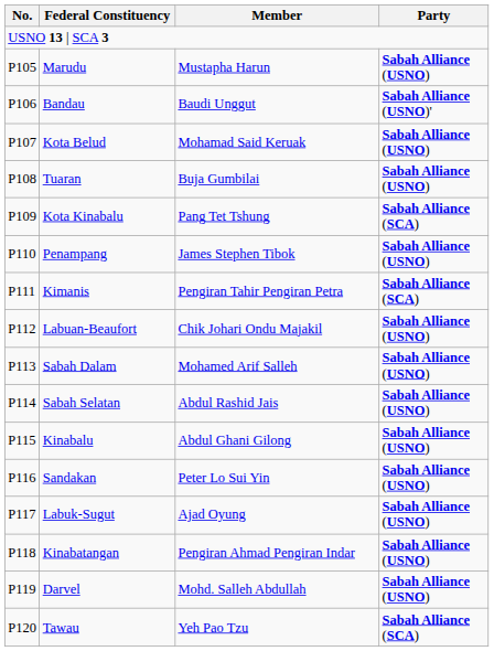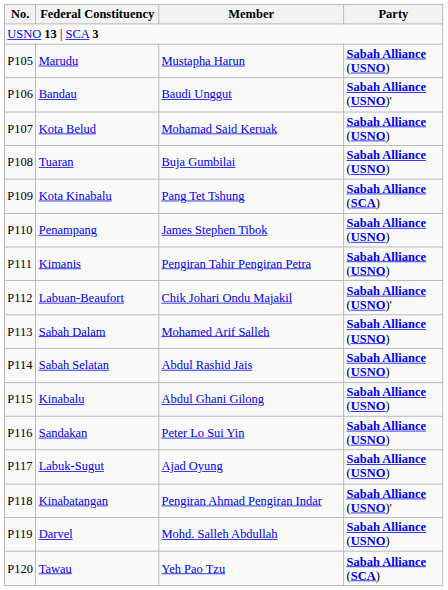 <table class="wikitable sortable">
 <tr>
 <th style="width:30px;">No.</th>
 <th style="width:150px;">Federal Constituency</th>
 <th style="width:230px;">Member</th>
 <th style="width:120px;">Party</th>
 </tr>
 <tr>
 <td colspan="4"><a href='#'>USNO</a> <strong>13</strong> | <a href='#'>SCA</a> <strong>3</strong></td>
 </tr>
 <tr>
 <td>P105</td>
 <td><a href='#'>Marudu</a></td>
 <td><a href='#'>Mustapha Harun</a></td>
 <td><strong><a href='#'>Sabah Alliance</a></strong> (<strong><a href='#'>USNO</a></strong>)</td>
 </tr>
 <tr>
 <td>P106</td>
 <td><a href='#'>Bandau</a></td>
 <td><a href='#'>Baudi Unggut</a></td>
 <td><strong><a href='#'>Sabah Alliance</a></strong> (<strong><a href='#'>USNO</a></strong>)'</td>
 </tr>
 <tr>
 <td>P107</td>
 <td><a href='#'>Kota Belud</a></td>
 <td><a href='#'>Mohamad Said Keruak</a></td>
 <td><strong><a href='#'>Sabah Alliance</a></strong> (<strong><a href='#'>USNO</a></strong>)</td>
 </tr>
 <tr>
 <td>P108</td>
 <td><a href='#'>Tuaran</a></td>
 <td><a href='#'>Buja Gumbilai</a></td>
 <td><strong><a href='#'>Sabah Alliance</a></strong> (<strong><a href='#'>USNO</a></strong>)</td>
 </tr>
 <tr>
 <td>P109</td>
 <td><a href='#'>Kota Kinabalu</a></td>
 <td><a href='#'>Pang Tet Tshung</a></td>
 <td><strong><a href='#'>Sabah Alliance</a></strong> (<strong><a href='#'>SCA</a></strong>)</td>
 </tr>
 <tr>
 <td>P110</td>
 <td><a href='#'>Penampang</a></td>
 <td><a href='#'>James Stephen Tibok</a></td>
 <td><strong><a href='#'>Sabah Alliance</a></strong> (<strong><a href='#'>USNO</a></strong>)</td>
 </tr>
 <tr>
 <td>P111</td>
 <td><a href='#'>Kimanis</a></td>
 <td><a href='#'>Pengiran Tahir Pengiran Petra</a></td>
-<td><strong><a href='#'>Sabah Alliance</a></strong> (<strong><a href='#'>SCA</a></strong>)</td>
+<td><strong><a href='#'>Sabah Alliance</a></strong> (<strong><a href='#'>USNO</a></strong>)</td>
 </tr>
 <tr>
 <td>P112</td>
 <td><a href='#'>Labuan-Beaufort</a></td>
 <td><a href='#'>Chik Johari Ondu Majakil</a></td>
-<td><strong><a href='#'>Sabah Alliance</a></strong> (<strong><a href='#'>USNO</a></strong>)</td>
+<td><strong><a href='#'>Sabah Alliance</a></strong> (<strong><a href='#'>USNO</a></strong>)'</td>
 </tr>
 <tr>
 <td>P113</td>
 <td><a href='#'>Sabah Dalam</a></td>
 <td><a href='#'>Mohamed Arif Salleh</a></td>
 <td><strong><a href='#'>Sabah Alliance</a></strong> (<strong><a href='#'>USNO</a></strong>)</td>
 </tr>
 <tr>
 <td>P114</td>
 <td><a href='#'>Sabah Selatan</a></td>
 <td><a href='#'>Abdul Rashid Jais</a></td>
 <td><strong><a href='#'>Sabah Alliance</a></strong> (<strong><a href='#'>USNO</a></strong>)</td>
 </tr>
 <tr>
 <td>P115</td>
 <td><a href='#'>Kinabalu</a></td>
 <td><a href='#'>Abdul Ghani Gilong</a></td>
 <td><strong><a href='#'>Sabah Alliance</a></strong> (<strong><a href='#'>USNO</a></strong>)</td>
 </tr>
 <tr>
 <td>P116</td>
 <td><a href='#'>Sandakan</a></td>
 <td><a href='#'>Peter Lo Sui Yin</a></td>
 <td><strong><a href='#'>Sabah Alliance</a></strong> (<strong><a href='#'>USNO</a></strong>)</td>
 </tr>
 <tr>
 <td>P117</td>
 <td><a href='#'>Labuk-Sugut</a></td>
 <td><a href='#'>Ajad Oyung</a></td>
 <td><strong><a href='#'>Sabah Alliance</a></strong> (<strong><a href='#'>USNO</a></strong>)</td>
 </tr>
 <tr>
 <td>P118</td>
 <td><a href='#'>Kinabatangan</a></td>
 <td><a href='#'>Pengiran Ahmad Pengiran Indar</a></td>
-<td><strong><a href='#'>Sabah Alliance</a></strong> (<strong><a href='#'>USNO</a></strong>)</td>
+<td><strong><a href='#'>Sabah Alliance</a></strong> (<strong><a href='#'>USNO</a></strong>)'</td>
 </tr>
 <tr>
 <td>P119</td>
 <td><a href='#'>Darvel</a></td>
 <td><a href='#'>Mohd. Salleh Abdullah</a></td>
 <td><strong><a href='#'>Sabah Alliance</a></strong> (<strong><a href='#'>USNO</a></strong>)</td>
 </tr>
 <tr>
 <td>P120</td>
 <td><a href='#'>Tawau</a></td>
 <td><a href='#'>Yeh Pao Tzu</a></td>
 <td><strong><a href='#'>Sabah Alliance</a></strong> (<strong><a href='#'>SCA</a></strong>)</td>
 </tr>
 </table>
